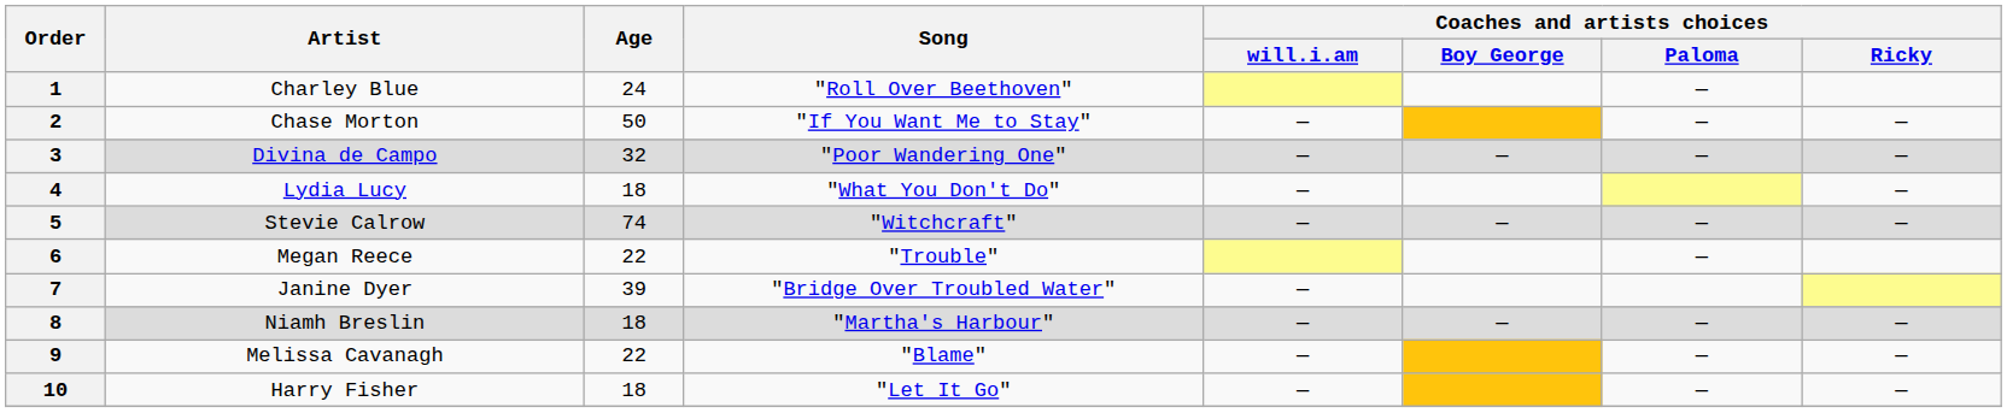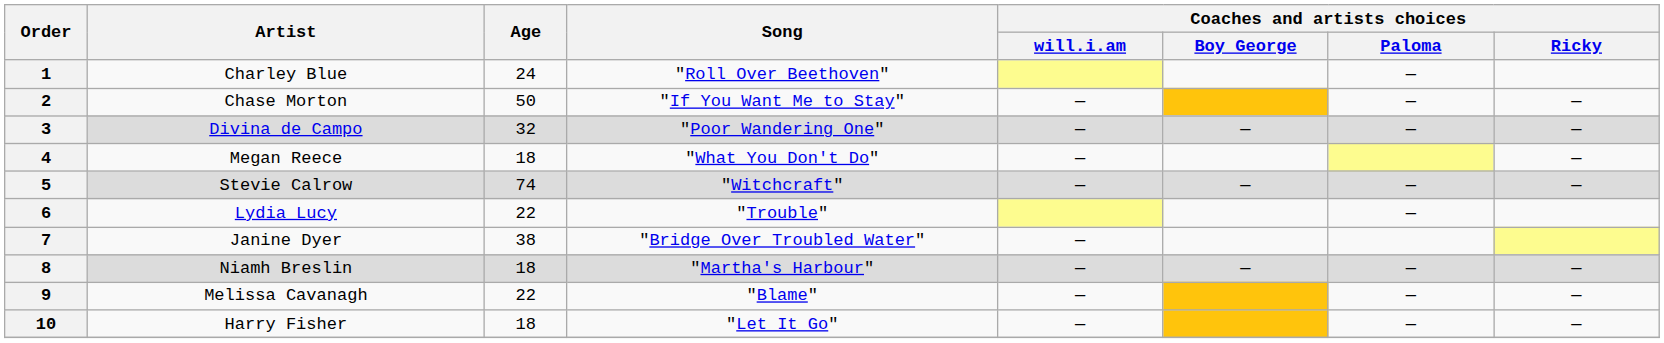 <table class="wikitable" style="text-align:center; width:100%;">
 <tr>
 <th scope="col" rowspan="2" style="width:05%;">Order</th>
 <th scope="col" rowspan="2" style="width:24%;">Artist</th>
 <th scope="col" rowspan="2" style="width:05%;">Age</th>
 <th scope="col" rowspan="2" style="width:26%;">Song</th>
 <th colspan="4" style="width:40%;">Coaches and artists choices</th>
 </tr>
 <tr>
 <th style="width:10%;"><a href='#'>will.i.am</a></th>
 <th style="width:10%;"><a href='#'>Boy George</a></th>
 <th style="width:10%;"><a href='#'>Paloma</a></th>
 <th style="width:10%;"><a href='#'>Ricky</a></th>
 </tr>
 <tr>
 <th scope="col">1</th>
 <td>Charley Blue</td>
 <td>24</td>
 <td>"<a href='#'>Roll Over Beethoven</a>"</td>
 <td style="background:#fdfc8f;"><strong></strong></td>
 <td><strong></strong></td>
 <td>—</td>
 <td><strong></strong></td>
 </tr>
 <tr>
 <th scope="col">2</th>
 <td>Chase Morton</td>
 <td>50</td>
 <td>"<a href='#'>If You Want Me to Stay</a>"</td>
 <td>—</td>
 <td style="background:#FFC40C;text-align:center;"><strong></strong></td>
 <td>—</td>
 <td>—</td>
 </tr>
 <tr style="background:#DCDCDC">
 <th scope="col">3</th>
 <td style="background:#DCDCDC;"><a href='#'>Divina de Campo</a></td>
 <td style="background:#DCDCDC; text-align:center;">32</td>
 <td style="background:#DCDCDC; text-align:center;">"<a href='#'>Poor Wandering One</a>"</td>
 <td>—</td>
 <td>—</td>
 <td>—</td>
 <td>—</td>
 </tr>
 <tr>
 <th scope="col">4</th>
-<td><a href='#'>Lydia Lucy</a></td>
+<td>Megan Reece</td>
 <td>18</td>
 <td>"<a href='#'>What You Don't Do</a>"</td>
 <td>—</td>
 <td><strong></strong></td>
 <td style="background:#fdfc8f;"><strong></strong></td>
 <td>—</td>
 </tr>
 <tr style="background:#DCDCDC">
 <th scope="col">5</th>
 <td style="background:#DCDCDC;">Stevie Calrow</td>
 <td style="background:#DCDCDC; text-align:center;">74</td>
 <td style="background:#DCDCDC; text-align:center;">"<a href='#'>Witchcraft</a>"</td>
 <td>—</td>
 <td>—</td>
 <td>—</td>
 <td>—</td>
 </tr>
 <tr>
 <th scope="col">6</th>
-<td>Megan Reece</td>
+<td><a href='#'>Lydia Lucy</a></td>
 <td>22</td>
 <td>"<a href='#'>Trouble</a>"</td>
 <td style="background:#fdfc8f;"><strong></strong></td>
 <td><strong></strong></td>
 <td>—</td>
 <td><strong></strong></td>
 </tr>
 <tr>
 <th scope="col">7</th>
 <td>Janine Dyer</td>
-<td>39</td>
+<td>38</td>
 <td>"<a href='#'>Bridge Over Troubled Water</a>"</td>
 <td>—</td>
 <td><strong></strong></td>
 <td><strong></strong></td>
 <td style="background:#fdfc8f;"><strong></strong></td>
 </tr>
 <tr style="background:#DCDCDC">
 <th scope="col">8</th>
 <td style="background:#DCDCDC;">Niamh Breslin</td>
 <td style="background:#DCDCDC; text-align:center;">18</td>
 <td style="background:#DCDCDC; text-align:center;">"<a href='#'>Martha's Harbour</a>"</td>
 <td>—</td>
 <td>—</td>
 <td>—</td>
 <td>—</td>
 </tr>
 <tr>
 <th scope="col">9</th>
 <td>Melissa Cavanagh</td>
 <td>22</td>
 <td>"<a href='#'>Blame</a>"</td>
 <td>—</td>
 <td style="background:#FFC40C;text-align:center;"><strong></strong></td>
 <td>—</td>
 <td>—</td>
 </tr>
 <tr>
 <th scope="col">10</th>
 <td>Harry Fisher</td>
 <td>18</td>
 <td>"<a href='#'>Let It Go</a>"</td>
 <td>—</td>
 <td style="background:#FFC40C;text-align:center;"><strong></strong></td>
 <td>—</td>
 <td>—</td>
 </tr>
 <tr>
 </tr>
 </table>
